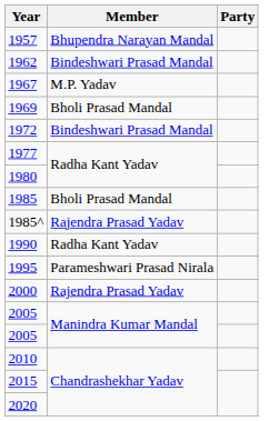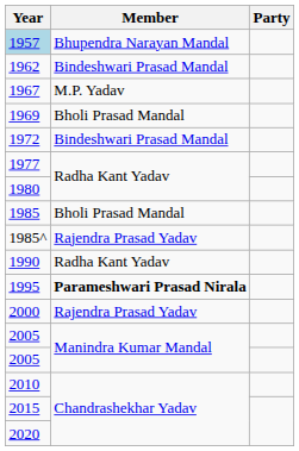 <table class="wikitable sortable">
 <tr>
 <th>Year</th>
 <th>Member</th>
 <th colspan="2">Party</th>
 </tr>
 <tr>
-<td><a href='#'>1957</a></td>
+<td style="background: lightblue;"><a href='#'>1957</a></td>
 <td><a href='#'>Bhupendra Narayan Mandal</a></td>
 <td></td>
 </tr>
 <tr>
 <td><a href='#'>1962</a></td>
 <td><a href='#'>Bindeshwari Prasad Mandal</a></td>
 <td></td>
 </tr>
 <tr>
 <td><a href='#'>1967</a></td>
 <td>M.P. Yadav</td>
 <td></td>
 </tr>
 <tr>
 <td><a href='#'>1969</a></td>
 <td>Bholi Prasad Mandal</td>
 <td></td>
 </tr>
 <tr>
 <td><a href='#'>1972</a></td>
 <td><a href='#'>Bindeshwari Prasad Mandal</a></td>
 <td></td>
 </tr>
 <tr>
 <td><a href='#'>1977</a></td>
 <td rowspan="2">Radha Kant Yadav</td>
 <td></td>
 </tr>
 <tr>
 <td><a href='#'>1980</a></td>
 <td></td>
 </tr>
 <tr>
 <td><a href='#'>1985</a></td>
 <td>Bholi Prasad Mandal</td>
 <td></td>
 </tr>
 <tr>
 <td>1985^</td>
 <td><a href='#'>Rajendra Prasad Yadav</a></td>
 </tr>
 <tr>
 <td><a href='#'>1990</a></td>
 <td>Radha Kant Yadav</td>
 <td></td>
 </tr>
 <tr>
 <td><a href='#'>1995</a></td>
-<td>Parameshwari Prasad Nirala</td>
+<td><strong>Parameshwari Prasad Nirala</strong></td>
 </tr>
 <tr>
 <td><a href='#'>2000</a></td>
 <td><a href='#'>Rajendra Prasad Yadav</a></td>
 <td></td>
 </tr>
 <tr>
 <td><a href='#'>2005</a></td>
 <td rowspan="2"><a href='#'>Manindra Kumar Mandal</a></td>
 <td></td>
 </tr>
 <tr>
 <td><a href='#'>2005</a></td>
 </tr>
 <tr>
 <td><a href='#'>2010</a></td>
 <td rowspan="3"><a href='#'>Chandrashekhar Yadav</a></td>
 <td></td>
 </tr>
 <tr>
 <td><a href='#'>2015</a></td>
 </tr>
 <tr>
 <td><a href='#'>2020</a></td>
 </tr>
 </table>
